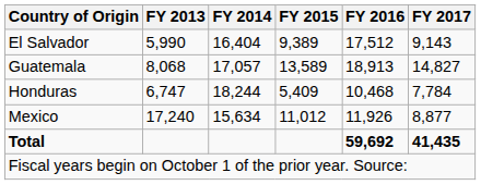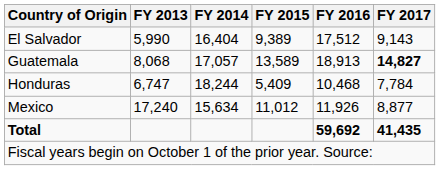 <table class="wikitable">
 <tr>
 <th><strong>Country of Origin</strong></th>
 <th><strong>FY 2013</strong></th>
 <th><strong>FY 2014</strong></th>
 <th><strong>FY 2015</strong></th>
 <th><strong>FY 2016</strong></th>
 <th><strong>FY 2017</strong></th>
 </tr>
 <tr>
 <td>El Salvador</td>
 <td>5,990</td>
 <td>16,404</td>
 <td>9,389</td>
 <td>17,512</td>
 <td>9,143</td>
 </tr>
 <tr>
 <td>Guatemala</td>
 <td>8,068</td>
 <td>17,057</td>
 <td>13,589</td>
 <td>18,913</td>
-<td>14,827</td>
+<td><strong>14,827</strong></td>
 </tr>
 <tr>
 <td>Honduras</td>
 <td>6,747</td>
 <td>18,244</td>
 <td>5,409</td>
 <td>10,468</td>
 <td>7,784</td>
 </tr>
 <tr>
 <td>Mexico</td>
 <td>17,240</td>
 <td>15,634</td>
 <td>11,012</td>
 <td>11,926</td>
 <td>8,877</td>
 </tr>
 <tr>
 <td><strong>Total</strong></td>
 <td></td>
 <td></td>
 <td></td>
 <td><strong>59,692</strong></td>
 <td><strong>41,435</strong></td>
 </tr>
 <tr>
 <td colspan="6">Fiscal years begin on October 1 of the prior year. Source: </td>
 </tr>
 </table>
